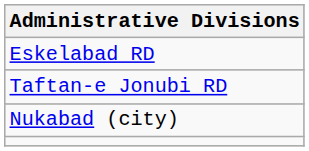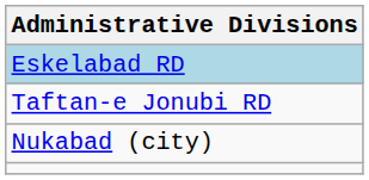 <table class="wikitable">
 <tr>
 <th>Administrative Divisions</th>
 </tr>
 <tr>
-<td><a href='#'>Eskelabad RD</a></td>
+<td style="background: lightblue;"><a href='#'>Eskelabad RD</a></td>
 </tr>
 <tr>
 <td><a href='#'>Taftan-e Jonubi RD</a></td>
 </tr>
 <tr>
 <td><a href='#'>Nukabad</a> (city)</td>
 </tr>
 <tr>
 <td colspan=1></td>
 </tr>
 </table>
